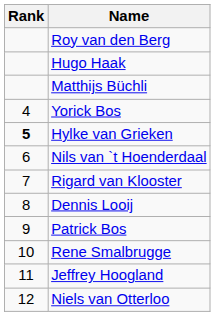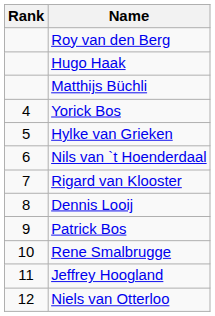 <table class="wikitable sortable" style="text-align:center">
 <tr>
 <th>Rank</th>
 <th>Name</th>
 </tr>
 <tr>
 <td></td>
 <td align=left><a href='#'>Roy van den Berg</a></td>
 </tr>
 <tr>
 <td></td>
 <td align=left><a href='#'>Hugo Haak</a></td>
 </tr>
 <tr>
 <td></td>
 <td align=left><a href='#'>Matthijs Büchli</a></td>
 </tr>
 <tr>
 <td>4</td>
 <td align=left><a href='#'>Yorick Bos</a></td>
 </tr>
 <tr>
-<td><strong>5</strong></td>
+<td>5</td>
 <td align=left><a href='#'>Hylke van Grieken</a></td>
 </tr>
 <tr>
 <td>6</td>
 <td align=left><a href='#'>Nils van `t Hoenderdaal</a></td>
 </tr>
 <tr>
 <td>7</td>
 <td align=left><a href='#'>Rigard van Klooster</a></td>
 </tr>
 <tr>
 <td>8</td>
 <td align=left><a href='#'>Dennis Looij</a></td>
 </tr>
 <tr>
 <td>9</td>
 <td align=left><a href='#'>Patrick Bos</a></td>
 </tr>
 <tr>
 <td>10</td>
 <td align=left><a href='#'>Rene Smalbrugge</a></td>
 </tr>
 <tr>
 <td>11</td>
 <td align=left><a href='#'>Jeffrey Hoogland</a></td>
 </tr>
 <tr>
 <td>12</td>
 <td align=left><a href='#'>Niels van Otterloo</a></td>
 </tr>
 </table>
